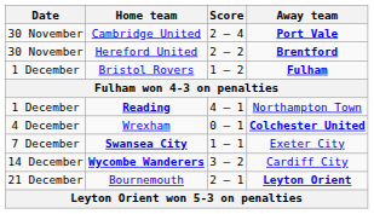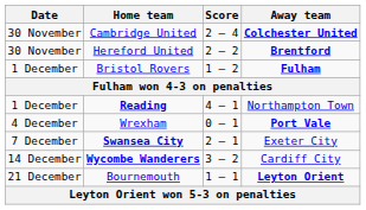 <table class="wikitable" style="text-align: center">
 <tr>
 <th>Date</th>
 <th>Home team</th>
 <th>Score</th>
 <th>Away team</th>
 </tr>
 <tr>
 <td>30 November</td>
 <td><a href='#'>Cambridge United</a></td>
 <td>2 – 4</td>
-<td><strong><a href='#'>Port Vale</a></strong></td>
+<td><strong><a href='#'>Colchester United</a></strong></td>
 </tr>
 <tr>
 <td>30 November</td>
 <td><a href='#'>Hereford United</a></td>
 <td>2 – 2</td>
 <td><strong><a href='#'>Brentford</a></strong></td>
 </tr>
 <tr>
 <td>1 December</td>
 <td><a href='#'>Bristol Rovers</a></td>
 <td>1 – 2</td>
 <td><strong><a href='#'>Fulham</a></strong></td>
 </tr>
 <tr>
 <th colspan="5">Fulham won 4-3 on penalties</th>
 </tr>
 <tr>
 <td>1 December</td>
 <td><strong><a href='#'>Reading</a></strong></td>
 <td>4 – 1</td>
 <td><a href='#'>Northampton Town</a></td>
 </tr>
 <tr>
 <td>4 December</td>
 <td><a href='#'>Wrexham</a></td>
 <td>0 – 1</td>
-<td><strong><a href='#'>Colchester United</a></strong></td>
+<td><strong><a href='#'>Port Vale</a></strong></td>
 </tr>
 <tr>
 <td>7 December</td>
 <td><strong><a href='#'>Swansea City</a></strong></td>
-<td>1 – 1</td>
+<td>2 – 1</td>
 <td><a href='#'>Exeter City</a></td>
 </tr>
 <tr>
 <td>14 December</td>
 <td><strong><a href='#'>Wycombe Wanderers</a></strong></td>
 <td>3 – 2</td>
 <td><a href='#'>Cardiff City</a></td>
 </tr>
 <tr>
 <td>21 December</td>
 <td><a href='#'>Bournemouth</a></td>
-<td>2 – 1</td>
+<td>1 – 1</td>
 <td><strong><a href='#'>Leyton Orient</a></strong></td>
 </tr>
 <tr>
 <th colspan="5">Leyton Orient won 5-3 on penalties</th>
 </tr>
 </table>
